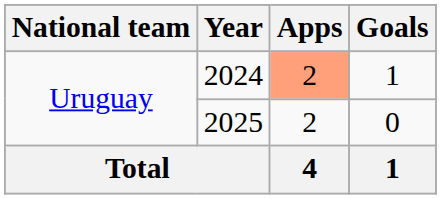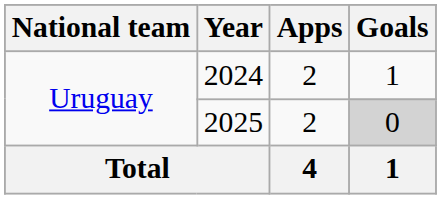 <table class="wikitable" style="text-align:center">
 <tr>
 <th>National team</th>
 <th>Year</th>
 <th>Apps</th>
 <th>Goals</th>
 </tr>
 <tr>
 <td rowspan=2><a href='#'>Uruguay</a></td>
 <td>2024</td>
-<td style="background: lightsalmon;">2</td>
+<td>2</td>
 <td>1</td>
 </tr>
 <tr>
 <td>2025</td>
 <td>2</td>
-<td>0</td>
+<td style="background: lightgrey;">0</td>
 </tr>
 <tr>
 <th colspan=2>Total</th>
 <th>4</th>
 <th>1</th>
 </tr>
 </table>
